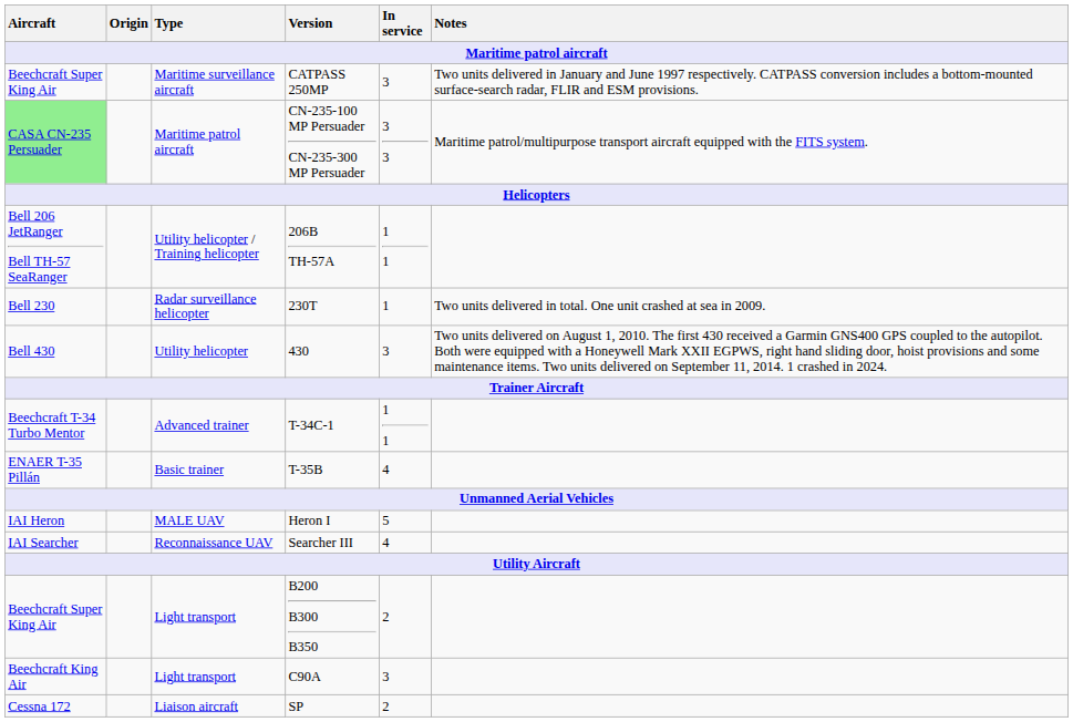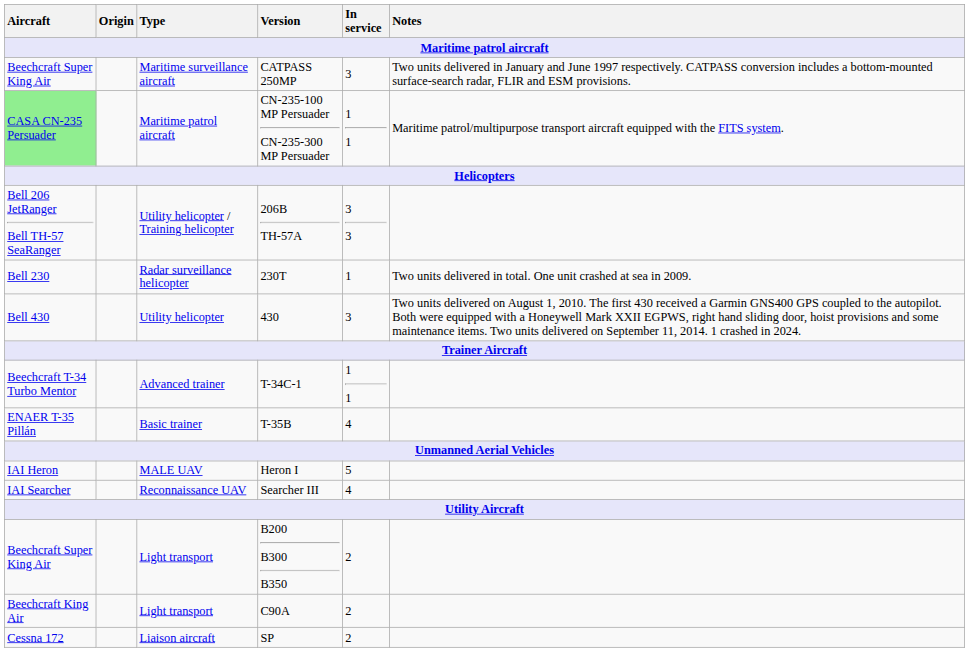 <table class="wikitable">
 <tr>
 <th style="text-align: left;">Aircraft</th>
 <th style="text-align: left;">Origin</th>
 <th style="text-align: left;">Type</th>
 <th style="text-align: left;">Version</th>
 <th style="text-align: left;">In service</th>
 <th style="text-align: left;">Notes</th>
 </tr>
 <tr>
 <th style="align: center; background: lavender;" colspan="7"><a href='#'>Maritime patrol aircraft</a></th>
 </tr>
 <tr>
 <td><a href='#'>Beechcraft Super King Air</a></td>
 <td></td>
 <td><a href='#'>Maritime surveillance aircraft</a></td>
 <td>CATPASS 250MP</td>
 <td>3</td>
 <td>Two units delivered in January and June 1997 respectively. CATPASS conversion includes a bottom-mounted surface-search radar, FLIR and ESM provisions.</td>
 </tr>
 <tr>
 <td style="background: lightgreen;"><a href='#'>CASA CN-235 Persuader</a></td>
 <td></td>
 <td><a href='#'>Maritime patrol aircraft</a></td>
 <td>CN-235-100 MP Persuader<hr>CN-235-300 MP Persuader</td>
-<td>3<hr>3</td>
+<td>1<hr>1</td>
 <td>Maritime patrol/multipurpose transport aircraft equipped with the <a href='#'>FITS system</a>.</td>
 </tr>
 <tr>
 <th style="align: center; background: lavender;" colspan="7"><a href='#'>Helicopters</a></th>
 </tr>
 <tr>
 <td><a href='#'>Bell 206 JetRanger</a><hr><a href='#'>Bell TH-57 SeaRanger</a></td>
 <td></td>
 <td><a href='#'>Utility helicopter</a> / <a href='#'>Training helicopter</a></td>
 <td>206B<hr>TH-57A</td>
-<td>1<hr>1</td>
+<td>3<hr>3</td>
 <td></td>
 </tr>
 <tr>
 <td><a href='#'>Bell 230</a></td>
 <td></td>
 <td><a href='#'>Radar surveillance helicopter</a></td>
 <td>230T</td>
 <td>1</td>
 <td>Two units delivered in total. One unit crashed at sea in 2009.</td>
 </tr>
 <tr>
 <td><a href='#'>Bell 430</a></td>
 <td></td>
 <td><a href='#'>Utility helicopter</a></td>
 <td>430</td>
 <td>3</td>
 <td>Two units delivered on August 1, 2010. The first 430 received a Garmin GNS400 GPS coupled to the autopilot. Both were equipped with a Honeywell Mark XXII EGPWS, right hand sliding door, hoist provisions and some maintenance items. Two units delivered on September 11, 2014. 1 crashed in 2024.</td>
 </tr>
 <tr>
 <th style="align: center; background: lavender;" colspan="7"><a href='#'>Trainer Aircraft</a></th>
 </tr>
 <tr>
 <td><a href='#'>Beechcraft T-34 Turbo Mentor</a></td>
 <td></td>
 <td><a href='#'>Advanced trainer</a></td>
 <td>T-34C-1</td>
 <td>1<hr>1</td>
 <td></td>
 </tr>
 <tr>
 <td><a href='#'>ENAER T-35 Pillán</a></td>
 <td></td>
 <td><a href='#'>Basic trainer</a></td>
 <td>T-35B</td>
 <td>4</td>
 <td></td>
 </tr>
 <tr>
 <th style="align: center; background: lavender;" colspan="7"><a href='#'>Unmanned Aerial Vehicles</a></th>
 </tr>
 <tr>
 <td><a href='#'>IAI Heron</a></td>
 <td></td>
 <td><a href='#'>MALE UAV</a></td>
 <td>Heron I</td>
 <td>5</td>
 <td></td>
 </tr>
 <tr>
 <td><a href='#'>IAI Searcher</a></td>
 <td></td>
 <td><a href='#'>Reconnaissance UAV</a></td>
 <td>Searcher III</td>
 <td>4</td>
 <td></td>
 </tr>
 <tr>
 <th style="align: center; background: lavender;" colspan="7"><a href='#'>Utility Aircraft</a></th>
 </tr>
 <tr>
 <td><a href='#'>Beechcraft Super King Air</a></td>
 <td></td>
 <td><a href='#'>Light transport</a></td>
 <td>B200<hr>B300<hr>B350</td>
 <td>2</td>
 <td></td>
 </tr>
 <tr>
 <td><a href='#'>Beechcraft King Air</a></td>
 <td></td>
 <td><a href='#'>Light transport</a></td>
 <td>C90A</td>
-<td>3</td>
+<td>2</td>
 <td></td>
 </tr>
 <tr>
 <td><a href='#'>Cessna 172</a></td>
 <td></td>
 <td><a href='#'>Liaison aircraft</a></td>
 <td>SP</td>
 <td>2</td>
 <td></td>
 </tr>
 </table>
